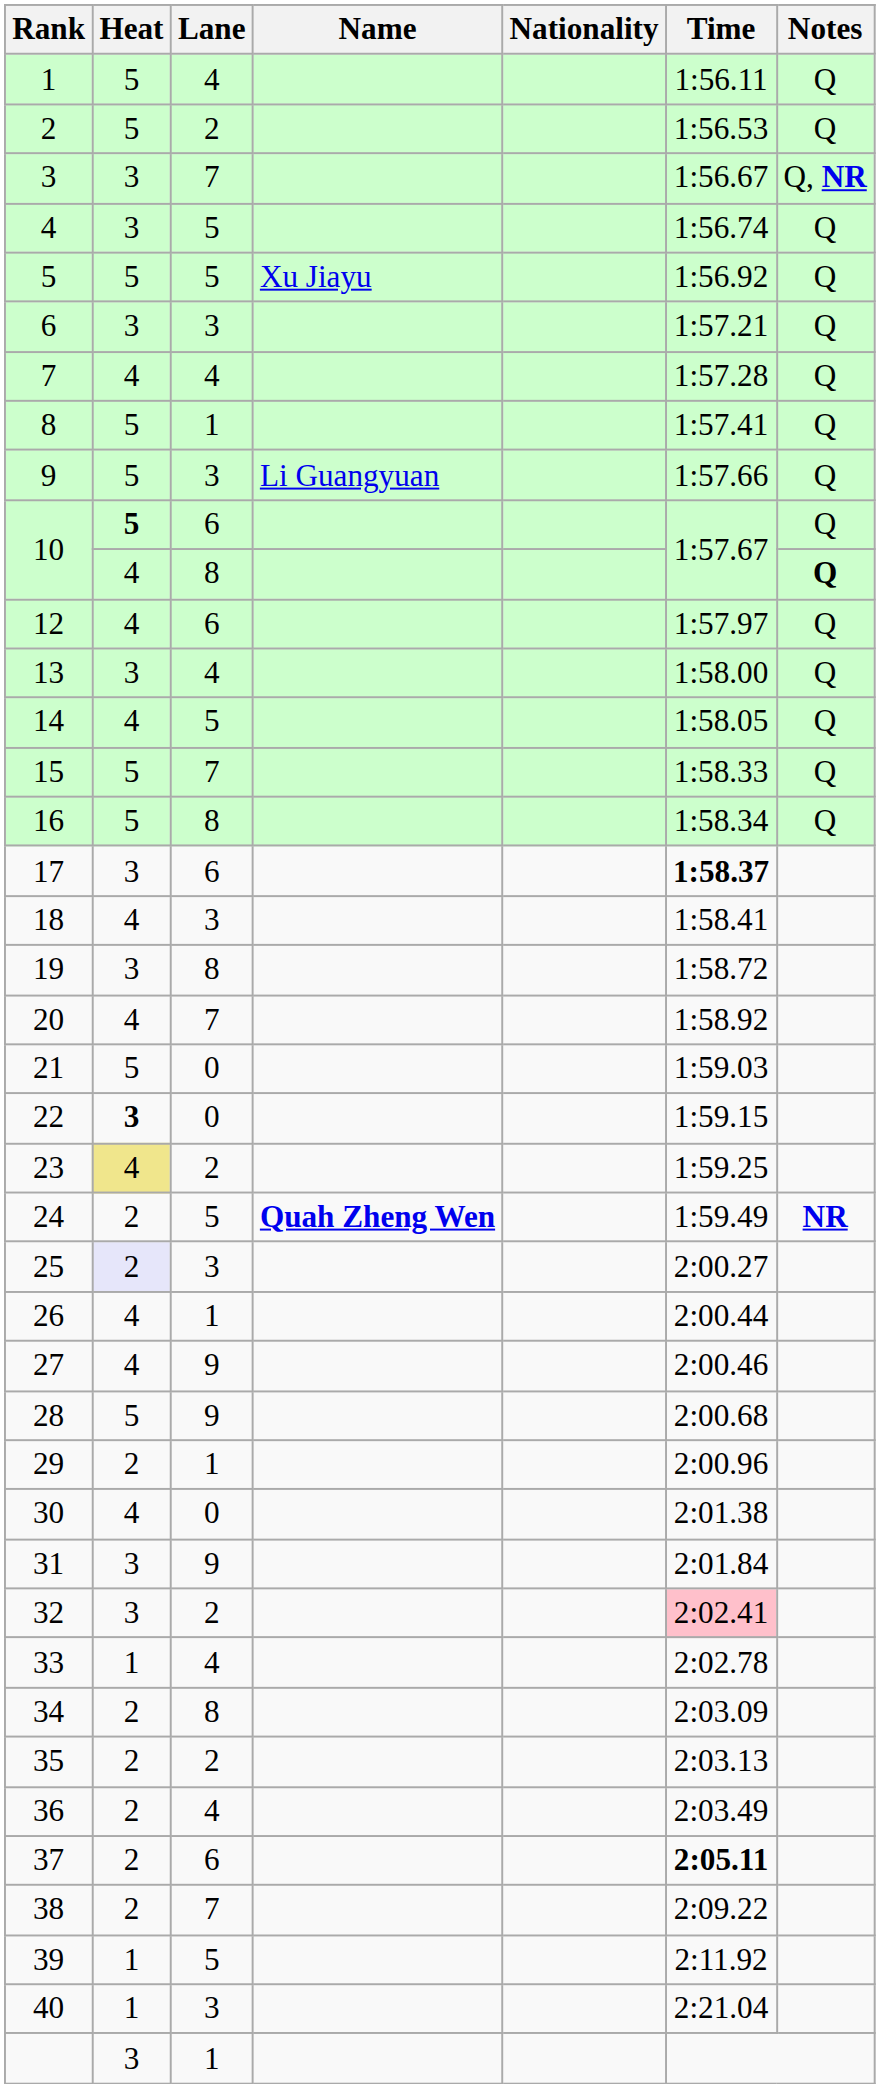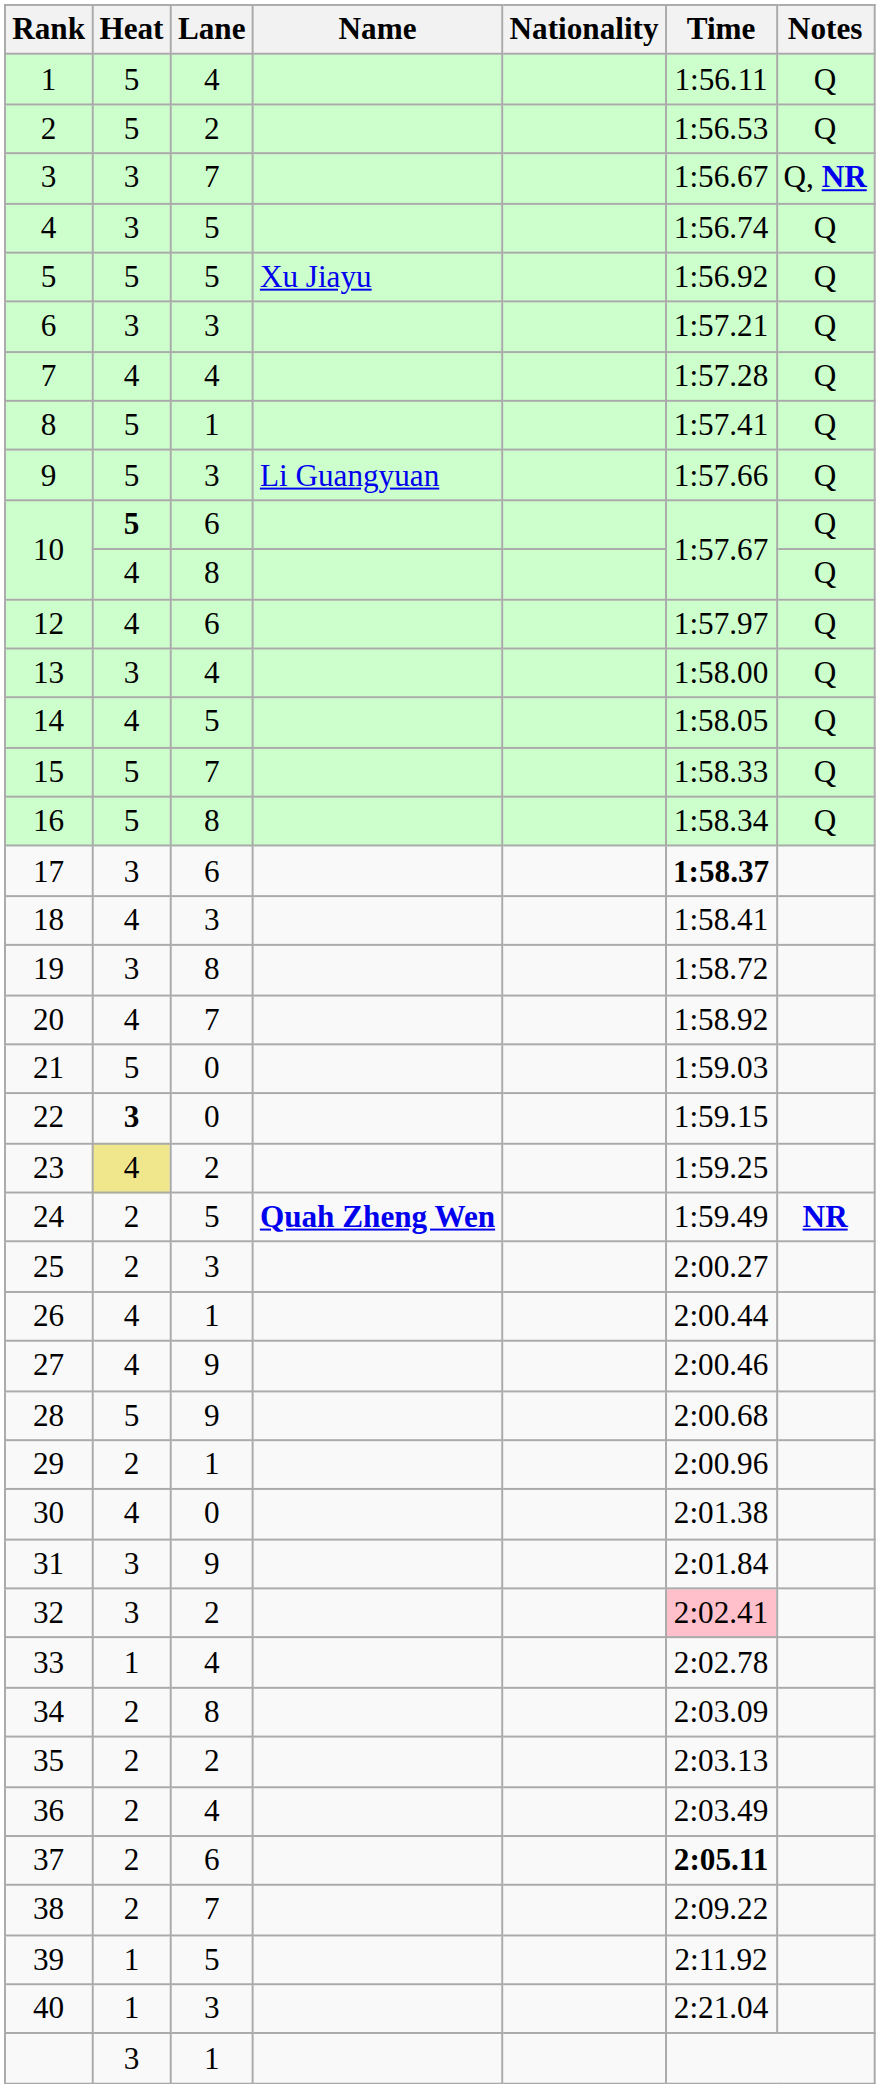 <table class="wikitable sortable" style="text-align:center">
 <tr>
 <th>Rank</th>
 <th>Heat</th>
 <th>Lane</th>
 <th>Name</th>
 <th>Nationality</th>
 <th>Time</th>
 <th>Notes</th>
 </tr>
 <tr bgcolor=ccffcc>
 <td>1</td>
 <td>5</td>
 <td>4</td>
 <td align=left></td>
 <td align=left></td>
 <td>1:56.11</td>
 <td>Q</td>
 </tr>
 <tr bgcolor=ccffcc>
 <td>2</td>
 <td>5</td>
 <td>2</td>
 <td align=left></td>
 <td align=left></td>
 <td>1:56.53</td>
 <td>Q</td>
 </tr>
 <tr bgcolor=ccffcc>
 <td>3</td>
 <td>3</td>
 <td>7</td>
 <td align=left></td>
 <td align=left></td>
 <td>1:56.67</td>
 <td>Q, <strong><a href='#'>NR</a></strong></td>
 </tr>
 <tr bgcolor=ccffcc>
 <td>4</td>
 <td>3</td>
 <td>5</td>
 <td align=left></td>
 <td align=left></td>
 <td>1:56.74</td>
 <td>Q</td>
 </tr>
 <tr bgcolor=ccffcc>
 <td>5</td>
 <td>5</td>
 <td>5</td>
 <td align=left><a href='#'>Xu Jiayu</a></td>
 <td align=left></td>
 <td>1:56.92</td>
 <td>Q</td>
 </tr>
 <tr bgcolor=ccffcc>
 <td>6</td>
 <td>3</td>
 <td>3</td>
 <td align=left></td>
 <td align=left></td>
 <td>1:57.21</td>
 <td>Q</td>
 </tr>
 <tr bgcolor=ccffcc>
 <td>7</td>
 <td>4</td>
 <td>4</td>
 <td align=left></td>
 <td align=left></td>
 <td>1:57.28</td>
 <td>Q</td>
 </tr>
 <tr bgcolor=ccffcc>
 <td>8</td>
 <td>5</td>
 <td>1</td>
 <td align=left></td>
 <td align=left></td>
 <td>1:57.41</td>
 <td>Q</td>
 </tr>
 <tr bgcolor=ccffcc>
 <td>9</td>
 <td>5</td>
 <td>3</td>
 <td align=left><a href='#'>Li Guangyuan</a></td>
 <td align=left></td>
 <td>1:57.66</td>
 <td>Q</td>
 </tr>
 <tr bgcolor=ccffcc>
 <td rowspan=2>10</td>
 <td><strong>5</strong></td>
 <td>6</td>
 <td align=left></td>
 <td align=left></td>
 <td rowspan=2>1:57.67</td>
 <td>Q</td>
 </tr>
 <tr bgcolor=ccffcc>
 <td>4</td>
 <td>8</td>
 <td align=left></td>
 <td align=left></td>
-<td><strong>Q</strong></td>
+<td>Q</td>
 </tr>
 <tr bgcolor=ccffcc>
 <td>12</td>
 <td>4</td>
 <td>6</td>
 <td align=left></td>
 <td align=left></td>
 <td>1:57.97</td>
 <td>Q</td>
 </tr>
 <tr bgcolor=ccffcc>
 <td>13</td>
 <td>3</td>
 <td>4</td>
 <td align=left></td>
 <td align=left></td>
 <td>1:58.00</td>
 <td>Q</td>
 </tr>
 <tr bgcolor=ccffcc>
 <td>14</td>
 <td>4</td>
 <td>5</td>
 <td align=left></td>
 <td align=left></td>
 <td>1:58.05</td>
 <td>Q</td>
 </tr>
 <tr bgcolor=ccffcc>
 <td>15</td>
 <td>5</td>
 <td>7</td>
 <td align=left></td>
 <td align=left></td>
 <td>1:58.33</td>
 <td>Q</td>
 </tr>
 <tr bgcolor=ccffcc>
 <td>16</td>
 <td>5</td>
 <td>8</td>
 <td align=left></td>
 <td align=left></td>
 <td>1:58.34</td>
 <td>Q</td>
 </tr>
 <tr>
 <td>17</td>
 <td>3</td>
 <td>6</td>
 <td align=left></td>
 <td align=left></td>
 <td><strong>1:58.37</strong></td>
 <td></td>
 </tr>
 <tr>
 <td>18</td>
 <td>4</td>
 <td>3</td>
 <td align=left></td>
 <td align=left></td>
 <td>1:58.41</td>
 <td></td>
 </tr>
 <tr>
 <td>19</td>
 <td>3</td>
 <td>8</td>
 <td align=left></td>
 <td align=left></td>
 <td>1:58.72</td>
 <td></td>
 </tr>
 <tr>
 <td>20</td>
 <td>4</td>
 <td>7</td>
 <td align=left></td>
 <td align=left></td>
 <td>1:58.92</td>
 <td></td>
 </tr>
 <tr>
 <td>21</td>
 <td>5</td>
 <td>0</td>
 <td align=left></td>
 <td align=left></td>
 <td>1:59.03</td>
 <td></td>
 </tr>
 <tr>
 <td>22</td>
 <td><strong>3</strong></td>
 <td>0</td>
 <td align=left></td>
 <td align=left></td>
 <td>1:59.15</td>
 <td></td>
 </tr>
 <tr>
 <td>23</td>
 <td style="background: khaki;">4</td>
 <td>2</td>
 <td align=left></td>
 <td align=left></td>
 <td>1:59.25</td>
 <td></td>
 </tr>
 <tr>
 <td>24</td>
 <td>2</td>
 <td>5</td>
 <td align=left><strong><a href='#'>Quah Zheng Wen</a></strong></td>
 <td align=left></td>
 <td>1:59.49</td>
 <td><strong><a href='#'>NR</a></strong></td>
 </tr>
 <tr>
 <td>25</td>
-<td style="background: lavender;">2</td>
+<td>2</td>
 <td>3</td>
 <td align=left></td>
 <td align=left></td>
 <td>2:00.27</td>
 <td></td>
 </tr>
 <tr>
 <td>26</td>
 <td>4</td>
 <td>1</td>
 <td align=left></td>
 <td align=left></td>
 <td>2:00.44</td>
 <td></td>
 </tr>
 <tr>
 <td>27</td>
 <td>4</td>
 <td>9</td>
 <td align=left></td>
 <td align=left></td>
 <td>2:00.46</td>
 <td></td>
 </tr>
 <tr>
 <td>28</td>
 <td>5</td>
 <td>9</td>
 <td align=left></td>
 <td align=left></td>
 <td>2:00.68</td>
 <td></td>
 </tr>
 <tr>
 <td>29</td>
 <td>2</td>
 <td>1</td>
 <td align=left></td>
 <td align=left></td>
 <td>2:00.96</td>
 <td></td>
 </tr>
 <tr>
 <td>30</td>
 <td>4</td>
 <td>0</td>
 <td align=left></td>
 <td align=left></td>
 <td>2:01.38</td>
 <td></td>
 </tr>
 <tr>
 <td>31</td>
 <td>3</td>
 <td>9</td>
 <td align=left></td>
 <td align=left></td>
 <td>2:01.84</td>
 <td></td>
 </tr>
 <tr>
 <td>32</td>
 <td>3</td>
 <td>2</td>
 <td align=left></td>
 <td align=left></td>
 <td style="background: pink;">2:02.41</td>
 <td></td>
 </tr>
 <tr>
 <td>33</td>
 <td>1</td>
 <td>4</td>
 <td align=left></td>
 <td align=left></td>
 <td>2:02.78</td>
 <td></td>
 </tr>
 <tr>
 <td>34</td>
 <td>2</td>
 <td>8</td>
 <td align=left></td>
 <td align=left></td>
 <td>2:03.09</td>
 <td></td>
 </tr>
 <tr>
 <td>35</td>
 <td>2</td>
 <td>2</td>
 <td align=left></td>
 <td align=left></td>
 <td>2:03.13</td>
 <td></td>
 </tr>
 <tr>
 <td>36</td>
 <td>2</td>
 <td>4</td>
 <td align=left></td>
 <td align=left></td>
 <td>2:03.49</td>
 <td></td>
 </tr>
 <tr>
 <td>37</td>
 <td>2</td>
 <td>6</td>
 <td align=left></td>
 <td align=left></td>
 <td><strong>2:05.11</strong></td>
 <td></td>
 </tr>
 <tr>
 <td>38</td>
 <td>2</td>
 <td>7</td>
 <td align=left></td>
 <td align=left></td>
 <td>2:09.22</td>
 <td></td>
 </tr>
 <tr>
 <td>39</td>
 <td>1</td>
 <td>5</td>
 <td align=left></td>
 <td align=left></td>
 <td>2:11.92</td>
 <td></td>
 </tr>
 <tr>
 <td>40</td>
 <td>1</td>
 <td>3</td>
 <td align=left></td>
 <td align=left></td>
 <td>2:21.04</td>
 <td></td>
 </tr>
 <tr>
 <td></td>
 <td>3</td>
 <td>1</td>
 <td align=left></td>
 <td align=left></td>
 <td colspan=2></td>
 </tr>
 </table>
